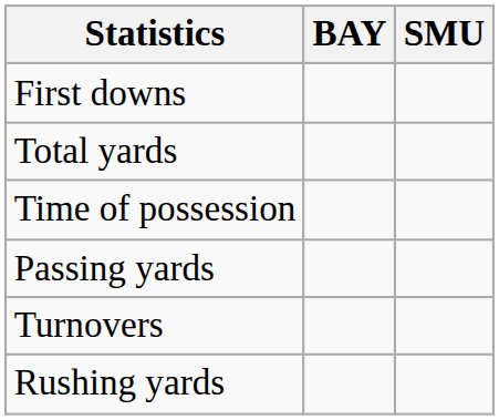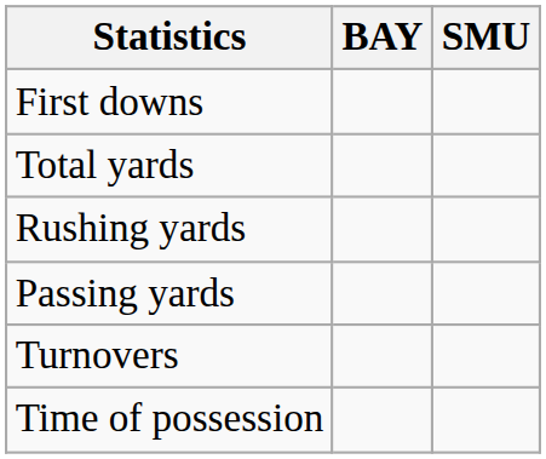 <table class="wikitable" style="float:left">
 <tr>
 <th>Statistics</th>
 <th>BAY</th>
 <th>SMU</th>
 </tr>
 <tr>
 <td>First downs</td>
 <td></td>
 <td></td>
 </tr>
 <tr>
 <td>Total yards</td>
 <td></td>
 <td></td>
 </tr>
 <tr>
-<td>Time of possession</td>
+<td>Rushing yards</td>
 <td></td>
 <td></td>
 </tr>
 <tr>
 <td>Passing yards</td>
 <td></td>
 <td></td>
 </tr>
 <tr>
 <td>Turnovers</td>
 <td></td>
 <td></td>
 </tr>
 <tr>
-<td>Rushing yards</td>
+<td>Time of possession</td>
 <td></td>
 <td></td>
 </tr>
 </table>
